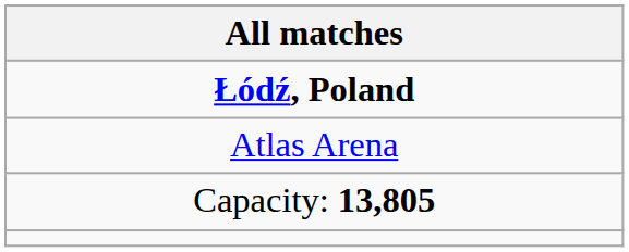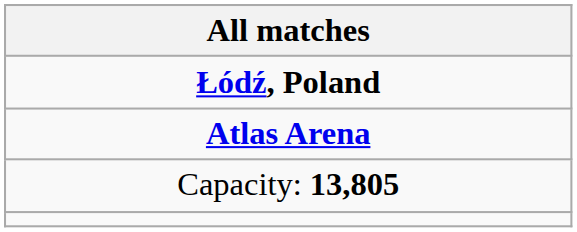 <table class="wikitable" style="text-align:center" width=280>
 <tr>
 <th>All matches</th>
 </tr>
 <tr>
 <td><strong><a href='#'>Łódź</a>, Poland</strong></td>
 </tr>
 <tr>
-<td><a href='#'>Atlas Arena</a></td>
+<td><strong><a href='#'>Atlas Arena</a></strong></td>
 </tr>
 <tr>
 <td>Capacity: <strong>13,805</strong></td>
 </tr>
 <tr>
 <td></td>
 </tr>
 </table>
